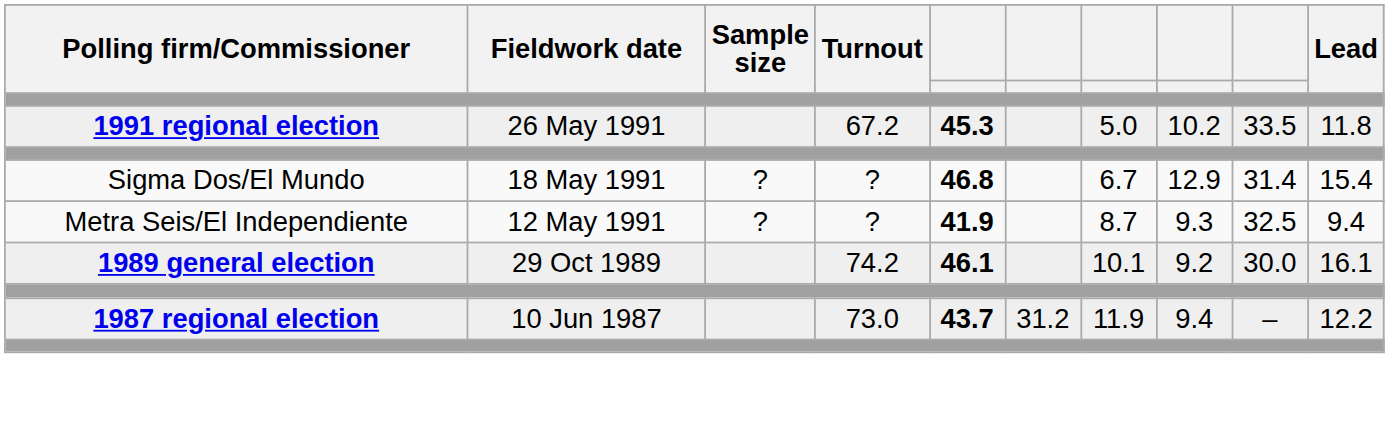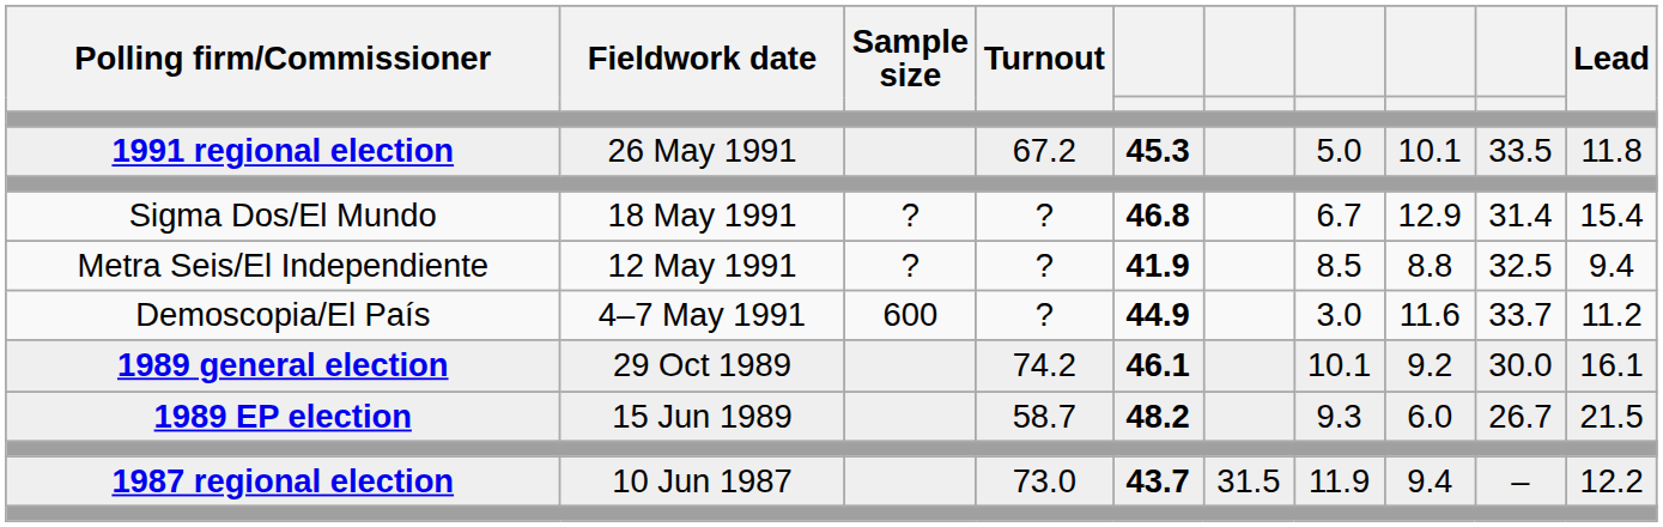 <table class="wikitable collapsible collapsed" style="text-align:center; font-size:95%; line-height:16px;">
 <tr style="height:42px;">
 <th style="width:250px;" rowspan="2">Polling firm/Commissioner</th>
 <th style="width:125px;" rowspan="2">Fieldwork date</th>
 <th style="width:50px;" rowspan="2">Sample size</th>
 <th style="width:45px;" rowspan="2">Turnout</th>
 <th style="width:35px;"></th>
 <th style="width:35px;"></th>
 <th style="width:35px;"></th>
 <th style="width:35px;"></th>
 <th style="width:35px;"></th>
 <th style="width:30px;" rowspan="2">Lead</th>
 </tr>
 <tr>
 <th style="color:inherit;background:"></th>
 <th style="color:inherit;background:"></th>
 <th style="color:inherit;background:"></th>
 <th style="color:inherit;background:"></th>
 <th style="color:inherit;background:"></th>
 </tr>
 <tr>
 <td colspan="10" style="background:#A0A0A0"></td>
 </tr>
 <tr style="background:#EFEFEF;">
 <td><strong><a href='#'>1991 regional election</a></strong></td>
 <td>26 May 1991</td>
 <td></td>
 <td>67.2</td>
 <td><strong>45.3</strong><br></td>
 <td></td>
 <td>5.0<br></td>
-<td>10.2<br></td>
+<td>10.1<br></td>
 <td>33.5<br></td>
 <td style="background:">11.8</td>
 </tr>
 <tr>
 <td colspan="10" style="background:#A0A0A0"></td>
 </tr>
 <tr>
 <td>Sigma Dos/El Mundo</td>
 <td>18 May 1991</td>
 <td>?</td>
 <td>?</td>
 <td><strong>46.8</strong><br></td>
 <td></td>
 <td>6.7<br></td>
 <td>12.9<br></td>
 <td>31.4<br></td>
 <td style="background:">15.4</td>
 </tr>
 <tr>
 <td>Metra Seis/El Independiente</td>
 <td>12 May 1991</td>
 <td>?</td>
 <td>?</td>
 <td><strong>41.9</strong><br></td>
 <td></td>
-<td>8.7<br></td>
-<td>9.3<br></td>
+<td>8.5<br></td>
+<td>8.8<br></td>
 <td>32.5<br></td>
 <td style="background:">9.4</td>
+</tr>
+<tr>
+<td>Demoscopia/El País</td>
+<td>4–7 May 1991</td>
+<td>600</td>
+<td>?</td>
+<td><strong>44.9</strong><br></td>
+<td></td>
+<td>3.0<br></td>
+<td>11.6<br></td>
+<td>33.7<br></td>
+<td style="background:">11.2</td>
 </tr>
 <tr style="background:#EFEFEF;">
 <td><strong><a href='#'>1989 general election</a></strong></td>
 <td>29 Oct 1989</td>
 <td></td>
 <td>74.2</td>
 <td><strong>46.1</strong></td>
 <td></td>
 <td>10.1</td>
 <td>9.2</td>
 <td>30.0</td>
 <td style="background:">16.1</td>
 </tr>
+<tr style="background:#EFEFEF;">
+<td><strong><a href='#'>1989 EP election</a></strong></td>
+<td>15 Jun 1989</td>
+<td></td>
+<td>58.7</td>
+<td><strong>48.2</strong></td>
+<td></td>
+<td>9.3</td>
+<td>6.0</td>
+<td>26.7</td>
+<td style="background:">21.5</td>
+</tr>
 <tr>
 <td colspan="10" style="background:#A0A0A0"></td>
 </tr>
 <tr style="background:#EFEFEF;">
 <td><strong><a href='#'>1987 regional election</a></strong></td>
 <td>10 Jun 1987</td>
 <td></td>
 <td>73.0</td>
 <td><strong>43.7</strong><br></td>
-<td>31.2<br></td>
+<td>31.5<br></td>
 <td>11.9<br></td>
 <td>9.4<br></td>
 <td>–</td>
 <td style="background:">12.2</td>
 </tr>
 <tr>
 <td colspan="10" style="background:#A0A0A0"></td>
 </tr>
 </table>
